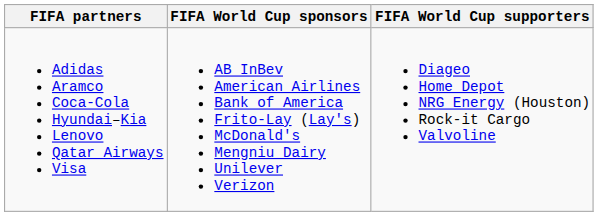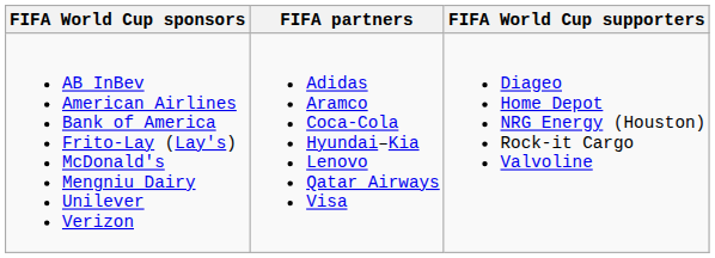 <table class="wikitable sortable">
 <tr>
+<th>FIFA World Cup sponsors</th>
 <th>FIFA partners</th>
-<th>FIFA World Cup sponsors</th>
 <th>FIFA World Cup supporters</th>
 </tr>
 <tr>
+<td style="vertical-align:top;"><br><ul><li><a href='#'>AB InBev</a></li><li><a href='#'>American Airlines</a></li><li><a href='#'>Bank of America</a></li><li><a href='#'>Frito-Lay</a> (<a href='#'>Lay's</a>)</li><li><a href='#'>McDonald's</a></li><li><a href='#'>Mengniu Dairy</a></li><li><a href='#'>Unilever</a></li><li><a href='#'>Verizon</a></li></ul></td>
 <td style="vertical-align:top"><br><ul><li><a href='#'>Adidas</a></li><li><a href='#'>Aramco</a></li><li><a href='#'>Coca-Cola</a></li><li><a href='#'>Hyundai</a>–<a href='#'>Kia</a></li><li><a href='#'>Lenovo</a></li><li><a href='#'>Qatar Airways</a></li><li><a href='#'>Visa</a></li></ul></td>
-<td style="vertical-align:top;"><br><ul><li><a href='#'>AB InBev</a></li><li><a href='#'>American Airlines</a></li><li><a href='#'>Bank of America</a></li><li><a href='#'>Frito-Lay</a> (<a href='#'>Lay's</a>)</li><li><a href='#'>McDonald's</a></li><li><a href='#'>Mengniu Dairy</a></li><li><a href='#'>Unilever</a></li><li><a href='#'>Verizon</a></li></ul></td>
 <td style="vertical-align:top;"><br><ul><li><a href='#'>Diageo</a></li><li><a href='#'>Home Depot</a></li><li><a href='#'>NRG Energy</a> (Houston)</li><li>Rock-it Cargo</li><li><a href='#'>Valvoline</a></li></ul></td>
 </tr>
 </table>
